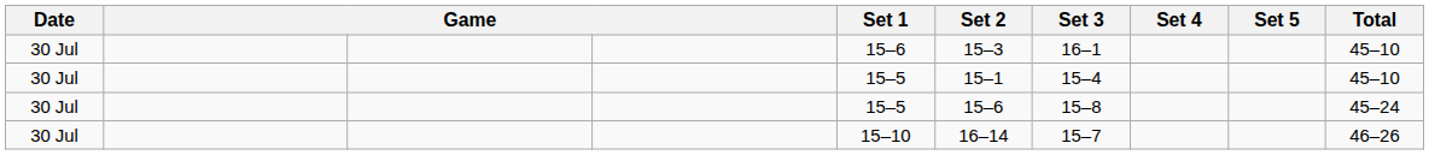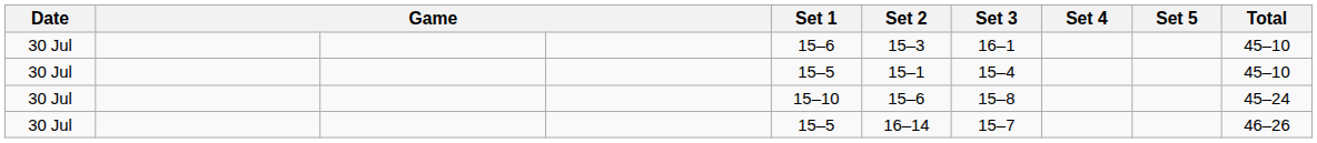 <table width=1200 class="wikitable">
 <tr>
 <th width=6%>Date</th>
 <th width=45% colspan=3>Game</th>
 <th width=6%>Set 1</th>
 <th width=6%>Set 2</th>
 <th width=6%>Set 3</th>
 <th width=6%>Set 4</th>
 <th width=6%>Set 5</th>
 <th width=6%>Total</th>
 </tr>
 <tr style=font-size:95%>
 <td align=center>30 Jul</td>
 <td align=center><strong></strong></td>
 <td></td>
 <td></td>
 <td align=center>15–6</td>
 <td align=center>15–3</td>
 <td align=center>16–1</td>
 <td align=center></td>
 <td align=center></td>
 <td align=center>45–10</td>
 </tr>
 <tr style=font-size:95%>
 <td align=center>30 Jul</td>
 <td align=center><strong></strong></td>
 <td></td>
 <td></td>
 <td align=center>15–5</td>
 <td align=center>15–1</td>
 <td align=center>15–4</td>
 <td align=center></td>
 <td align=center></td>
 <td align=center>45–10</td>
 </tr>
 <tr style=font-size:95%>
 <td align=center>30 Jul</td>
 <td align=center><strong></strong></td>
 <td></td>
 <td></td>
-<td align=center>15–5</td>
+<td align=center>15–10</td>
 <td align=center>15–6</td>
 <td align=center>15–8</td>
 <td align=center></td>
 <td align=center></td>
 <td align=center>45–24</td>
 </tr>
 <tr style=font-size:95%>
 <td align=center>30 Jul</td>
 <td align=center><strong></strong></td>
 <td></td>
 <td></td>
-<td align=center>15–10</td>
+<td align=center>15–5</td>
 <td align=center>16–14</td>
 <td align=center>15–7</td>
 <td align=center></td>
 <td align=center></td>
 <td align=center>46–26</td>
 </tr>
 </table>
